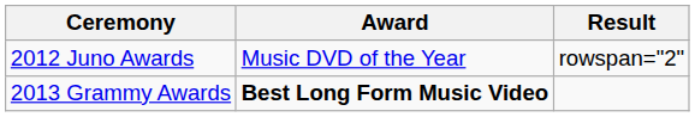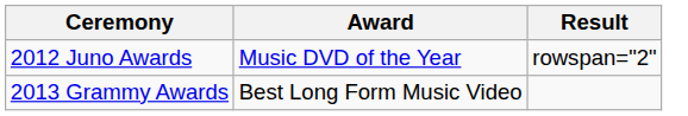 <table class="wikitable">
 <tr>
 <th>Ceremony</th>
 <th>Award</th>
 <th>Result</th>
 </tr>
 <tr>
 <td><a href='#'>2012 Juno Awards</a></td>
 <td><a href='#'>Music DVD of the Year</a></td>
 <td>rowspan="2" </td>
 </tr>
 <tr>
 <td><a href='#'>2013 Grammy Awards</a></td>
-<td><strong>Best Long Form Music Video</strong></td>
+<td>Best Long Form Music Video</td>
 </tr>
 </table>
